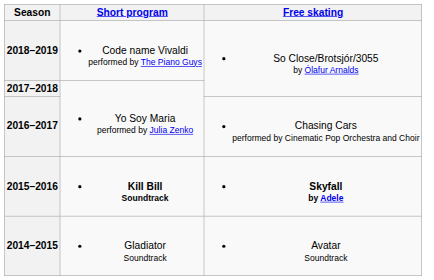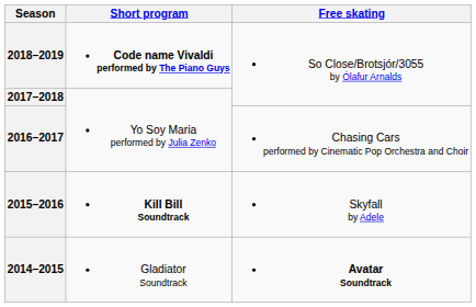 <table class=wikitable style=text-align:center>
 <tr>
 <th>Season</th>
 <th><a href='#'>Short program</a></th>
 <th><a href='#'>Free skating</a></th>
 </tr>
 <tr>
 <th>2018–2019 <br></th>
-<td><br><ul><li>Code name Vivaldi <br><small> performed by <a href='#'>The Piano Guys</a> </small></li></ul></td>
+<td><strong><br><ul><li>Code name Vivaldi <br><small> performed by <a href='#'>The Piano Guys</a> </small></li></ul></strong></td>
 <td rowspan=2><br><ul><li>So Close/Brotsjór/3055 <br><small> by <a href='#'>Ólafur Arnalds</a> </small></li></ul></td>
 </tr>
 <tr>
 <th>2017–2018 <br></th>
 <td rowspan=2><br><ul><li>Yo Soy Maria <br><small> performed by <a href='#'>Julia Zenko</a> </small></li></ul></td>
 </tr>
 <tr>
 <th>2016–2017 <br></th>
 <td><br><ul><li>Chasing Cars <br><small> performed by Cinematic Pop Orchestra and Choir</small></li></ul></td>
 </tr>
 <tr>
 <th>2015–2016 <br></th>
 <td><strong><br><ul><li>Kill Bill <br><small> Soundtrack </small></li></ul></strong></td>
-<td><strong><br><ul><li>Skyfall <br><small> by <a href='#'>Adele</a> </small></li></ul></strong></td>
+<td><br><ul><li>Skyfall <br><small> by <a href='#'>Adele</a> </small></li></ul></td>
 </tr>
 <tr>
 <th>2014–2015 <br></th>
 <td><br><ul><li>Gladiator <br><small> Soundtrack </small></li></ul></td>
-<td><br><ul><li>Avatar <br><small> Soundtrack </small></li></ul></td>
+<td><strong><br><ul><li>Avatar <br><small> Soundtrack </small></li></ul></strong></td>
 </tr>
 </table>
